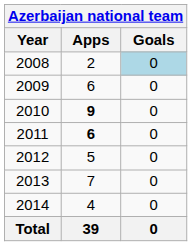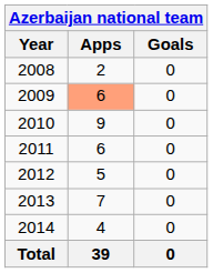 <table class="wikitable" style="text-align:center">
 <tr>
 <th colspan=3><a href='#'>Azerbaijan national team</a></th>
 </tr>
 <tr>
 <th>Year</th>
 <th>Apps</th>
 <th>Goals</th>
 </tr>
 <tr>
 <td>2008</td>
 <td>2</td>
-<td style="background: lightblue;">0</td>
+<td>0</td>
 </tr>
 <tr>
 <td>2009</td>
-<td>6</td>
+<td style="background: lightsalmon;">6</td>
 <td>0</td>
 </tr>
 <tr>
 <td>2010</td>
-<td><strong>9</strong></td>
+<td>9</td>
 <td>0</td>
 </tr>
 <tr>
 <td>2011</td>
-<td><strong>6</strong></td>
+<td>6</td>
 <td>0</td>
 </tr>
 <tr>
 <td>2012</td>
 <td>5</td>
 <td>0</td>
 </tr>
 <tr>
 <td>2013</td>
 <td>7</td>
 <td>0</td>
 </tr>
 <tr>
 <td>2014</td>
 <td>4</td>
 <td>0</td>
 </tr>
 <tr>
 <th>Total</th>
 <th>39</th>
 <th>0</th>
 </tr>
 </table>
